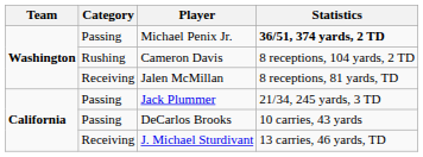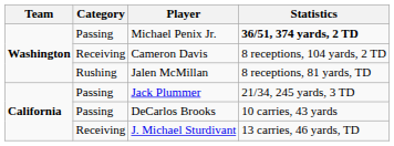 <table class="wikitable" style="float: right;">
 <tr>
 <th>Team</th>
 <th>Category</th>
 <th>Player</th>
 <th>Statistics</th>
 </tr>
 <tr>
 <td rowspan=3><strong>Washington</strong></td>
 <td>Passing</td>
 <td>Michael Penix Jr.</td>
 <td><strong>36/51, 374 yards, 2 TD</strong></td>
 </tr>
 <tr>
-<td>Rushing</td>
+<td>Receiving</td>
 <td>Cameron Davis</td>
 <td>8 receptions, 104 yards, 2 TD</td>
 </tr>
 <tr>
-<td>Receiving</td>
+<td>Rushing</td>
 <td>Jalen McMillan</td>
 <td>8 receptions, 81 yards, TD</td>
 </tr>
 <tr>
 <td rowspan=3><strong>California</strong></td>
 <td>Passing</td>
 <td><a href='#'>Jack Plummer</a></td>
 <td>21/34, 245 yards, 3 TD</td>
 </tr>
 <tr>
 <td>Passing</td>
 <td>DeCarlos Brooks</td>
 <td>10 carries, 43 yards</td>
 </tr>
 <tr>
 <td>Receiving</td>
 <td><a href='#'>J. Michael Sturdivant</a></td>
 <td>13 carries, 46 yards, TD</td>
 </tr>
 </table>
